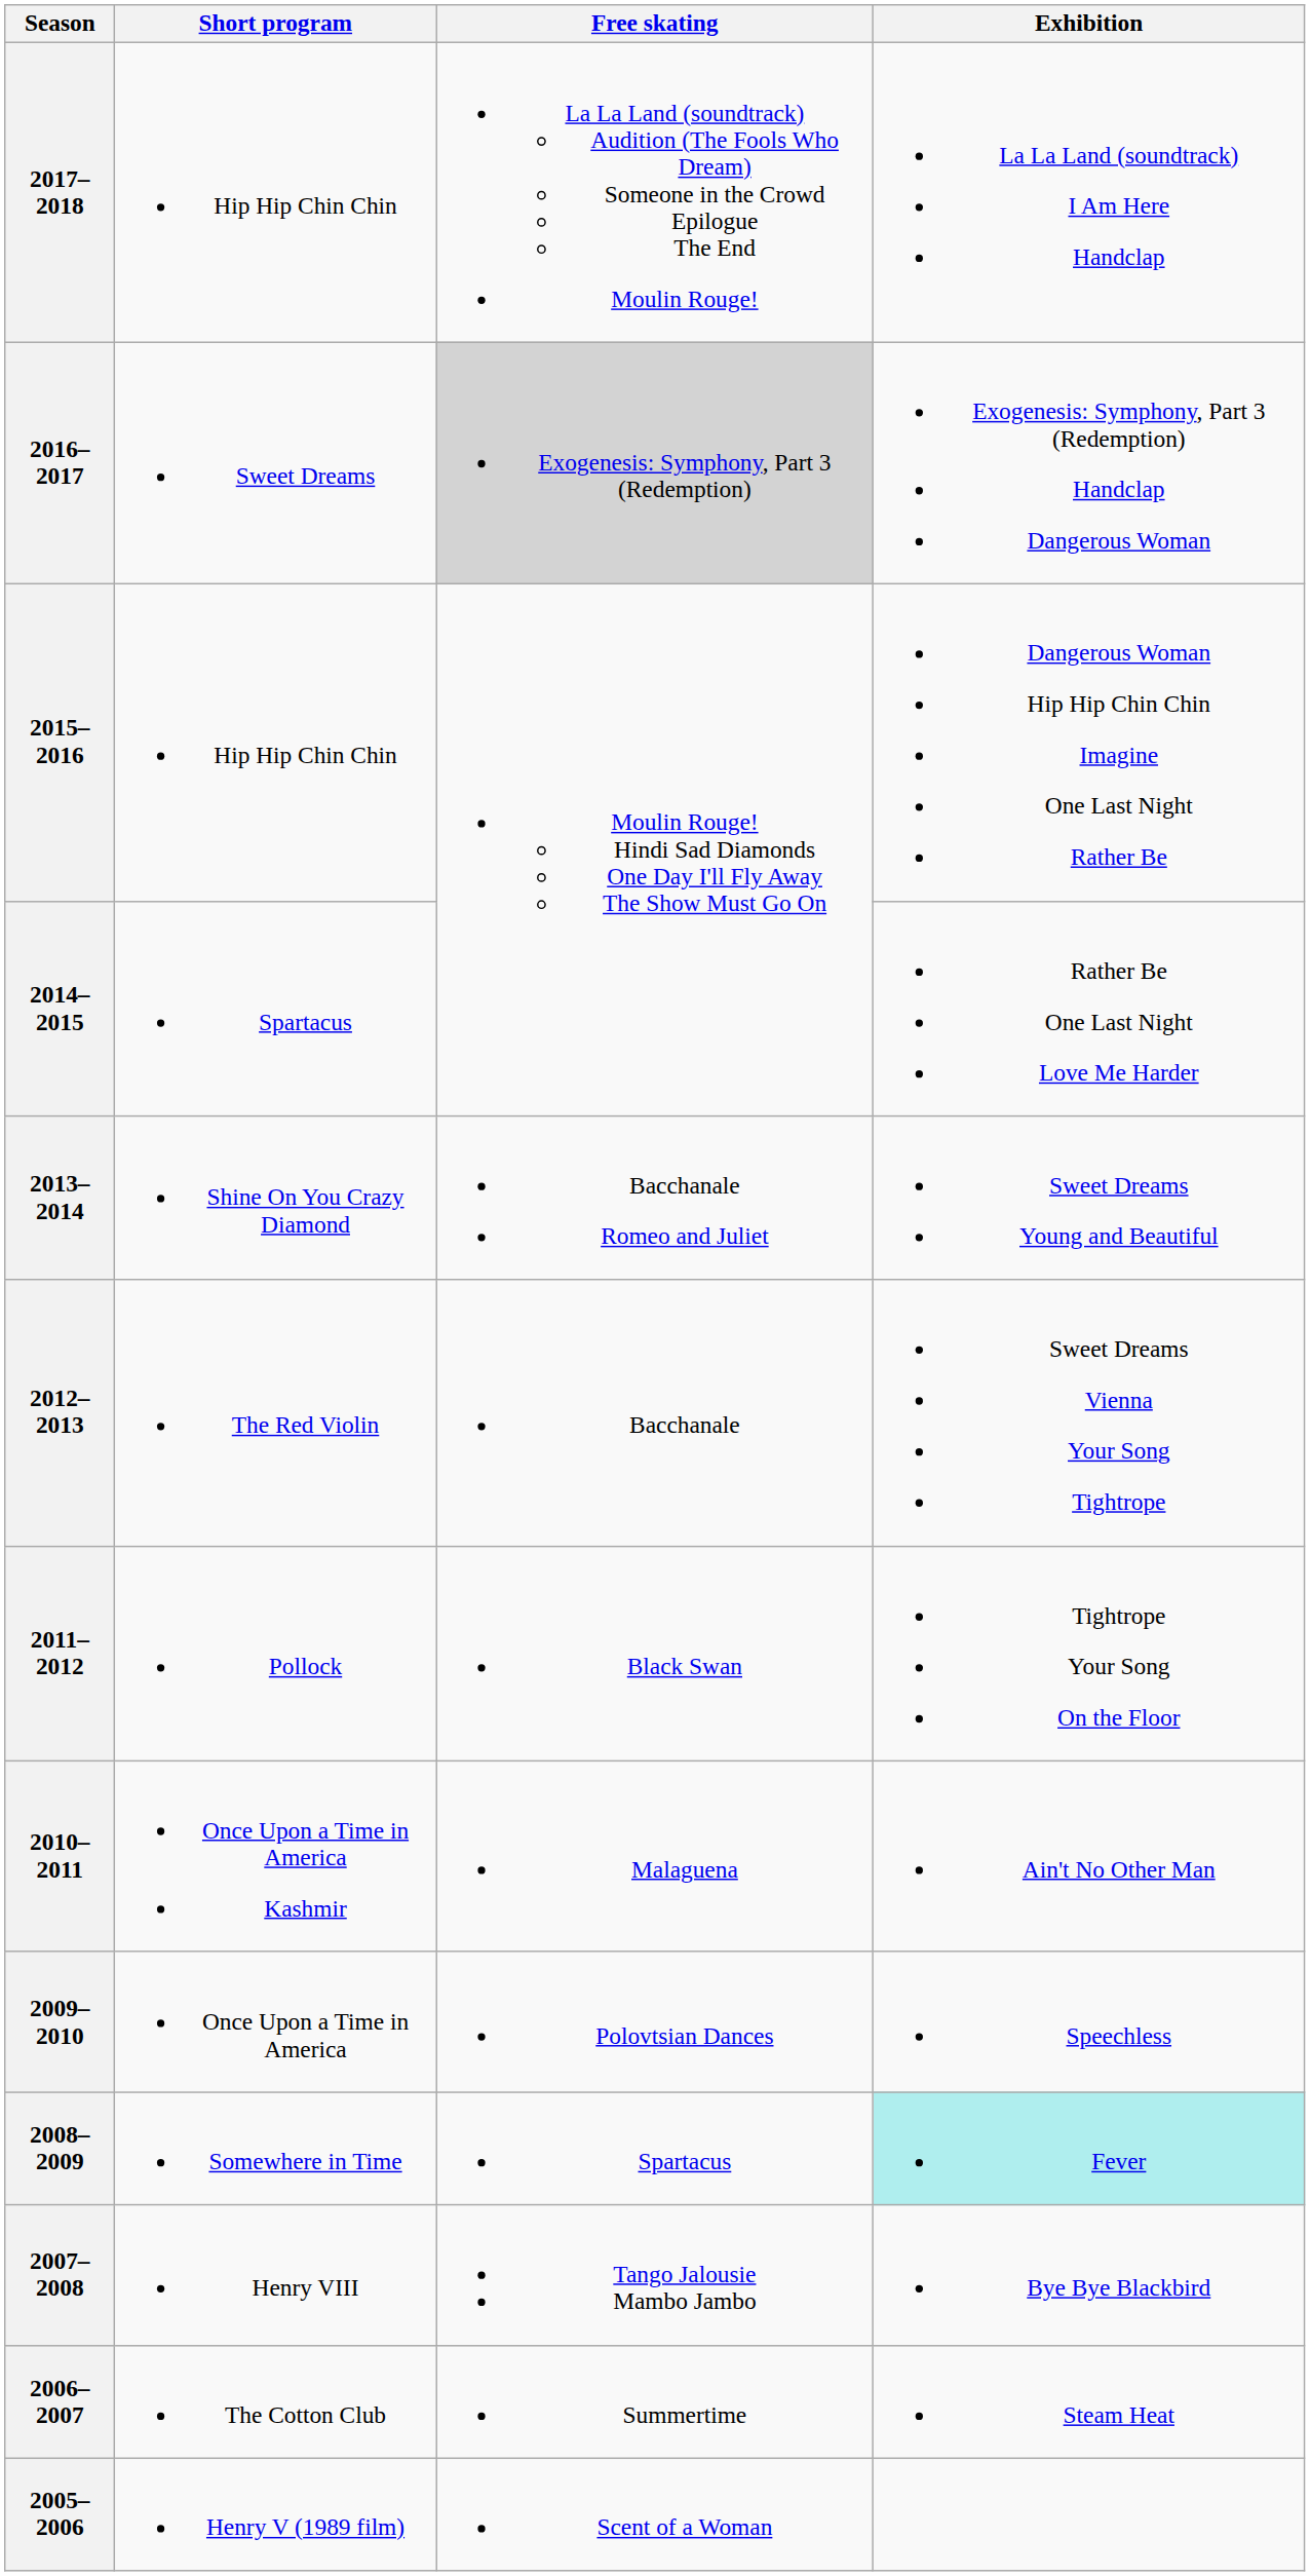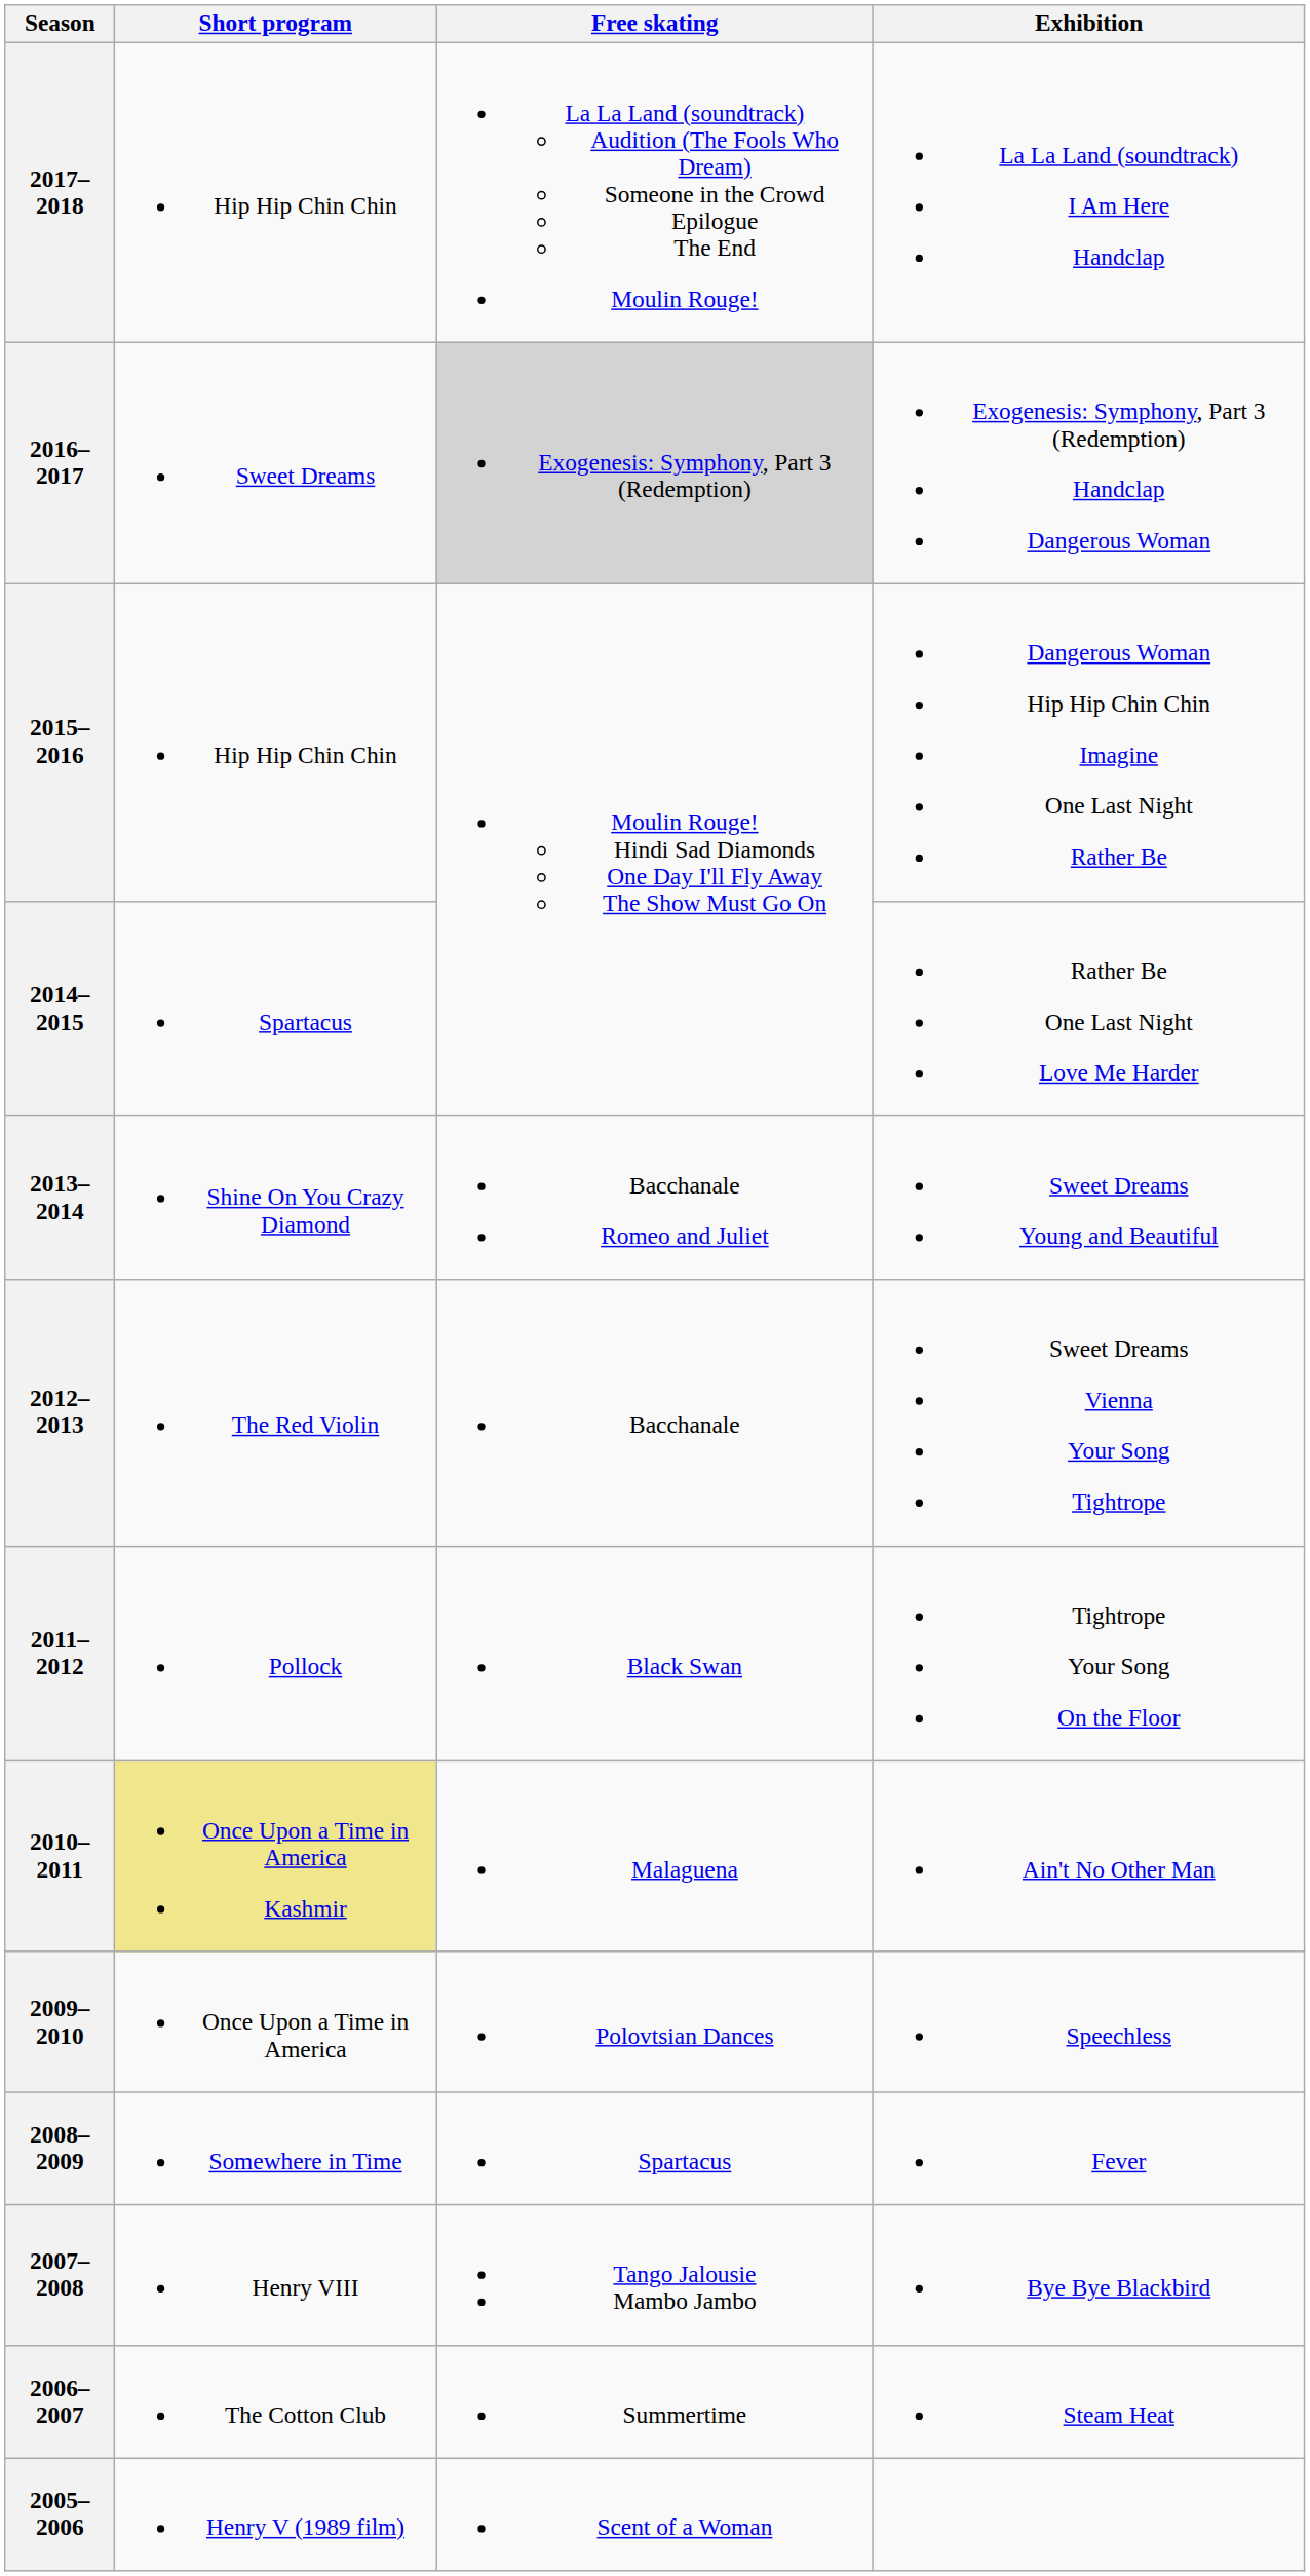 <table class="wikitable" style="text-align:center">
 <tr>
 <th>Season</th>
 <th><a href='#'>Short program</a></th>
 <th><a href='#'>Free skating</a></th>
 <th>Exhibition</th>
 </tr>
 <tr>
 <th>2017–2018 <br></th>
 <td><br><ul><li>Hip Hip Chin Chin <br></li></ul></td>
 <td><br><ul><li><a href='#'>La La Land (soundtrack)</a><ul><li><a href='#'>Audition (The Fools Who Dream)</a> <br></li><li>Someone in the Crowd</li><li>Epilogue</li><li>The End <br></li></ul></li></ul><ul><li><a href='#'>Moulin Rouge!</a> <br></li></ul></td>
 <td><br><ul><li><a href='#'>La La Land (soundtrack)</a> <br></li></ul><ul><li><a href='#'>I Am Here</a> <br></li></ul><ul><li><a href='#'>Handclap</a> <br></li></ul></td>
 </tr>
 <tr>
 <th>2016–2017 <br></th>
 <td><br><ul><li><a href='#'>Sweet Dreams</a> <br></li></ul></td>
 <td style="background: lightgrey;"><br><ul><li><a href='#'>Exogenesis: Symphony</a>, Part 3 (Redemption) <br></li></ul></td>
 <td><br><ul><li><a href='#'>Exogenesis: Symphony</a>, Part 3 (Redemption) <br></li></ul><ul><li><a href='#'>Handclap</a> <br></li></ul><ul><li><a href='#'>Dangerous Woman</a><br></li></ul></td>
 </tr>
 <tr>
 <th>2015–2016 <br></th>
 <td><br><ul><li>Hip Hip Chin Chin <br></li></ul></td>
 <td rowspan=2><br><ul><li><a href='#'>Moulin Rouge!</a><ul><li>Hindi Sad Diamonds</li><li><a href='#'>One Day I'll Fly Away</a> <br></li><li><a href='#'>The Show Must Go On</a> <br></li></ul></li></ul></td>
 <td><br><ul><li><a href='#'>Dangerous Woman</a> <br></li></ul><ul><li>Hip Hip Chin Chin<br></li></ul><ul><li><a href='#'>Imagine</a> <br></li></ul><ul><li>One Last Night <br></li></ul><ul><li><a href='#'>Rather Be</a> <br></li></ul></td>
 </tr>
 <tr>
 <th>2014–2015 <br></th>
 <td><br><ul><li><a href='#'>Spartacus</a> <br></li></ul></td>
 <td><br><ul><li>Rather Be <br></li></ul><ul><li>One Last Night <br></li></ul><ul><li><a href='#'>Love Me Harder</a> <br></li></ul></td>
 </tr>
 <tr>
 <th>2013–2014 <br></th>
 <td><br><ul><li><a href='#'>Shine On You Crazy Diamond</a> <br></li></ul></td>
 <td><br><ul><li>Bacchanale <br></li></ul><ul><li><a href='#'>Romeo and Juliet</a> <br></li></ul></td>
 <td><br><ul><li><a href='#'>Sweet Dreams</a> <br></li></ul><ul><li><a href='#'>Young and Beautiful</a> <br></li></ul></td>
 </tr>
 <tr>
 <th>2012–2013 <br></th>
 <td><br><ul><li><a href='#'>The Red Violin</a> <br></li></ul></td>
 <td><br><ul><li>Bacchanale <br></li></ul></td>
 <td><br><ul><li>Sweet Dreams <br></li></ul><ul><li><a href='#'>Vienna</a> <br></li></ul><ul><li><a href='#'>Your Song</a> <br></li></ul><ul><li><a href='#'>Tightrope</a> <br></li></ul></td>
 </tr>
 <tr>
 <th>2011–2012 <br></th>
 <td><br><ul><li><a href='#'>Pollock</a> <br></li></ul></td>
 <td><br><ul><li><a href='#'>Black Swan</a> <br></li></ul></td>
 <td><br><ul><li>Tightrope <br></li></ul><ul><li>Your Song <br></li></ul><ul><li><a href='#'>On the Floor</a> <br></li></ul></td>
 </tr>
 <tr>
 <th>2010–2011 <br></th>
-<td><br><ul><li><a href='#'>Once Upon a Time in America</a> <br></li></ul><ul><li><a href='#'>Kashmir</a> <br></li></ul></td>
+<td style="background: khaki;"><br><ul><li><a href='#'>Once Upon a Time in America</a> <br></li></ul><ul><li><a href='#'>Kashmir</a> <br></li></ul></td>
 <td><br><ul><li><a href='#'>Malaguena</a> <br></li></ul></td>
 <td><br><ul><li><a href='#'>Ain't No Other Man</a> <br></li></ul></td>
 </tr>
 <tr>
 <th>2009–2010 <br></th>
 <td><br><ul><li>Once Upon a Time in America <br></li></ul></td>
 <td><br><ul><li><a href='#'>Polovtsian Dances</a> <br></li></ul></td>
 <td><br><ul><li><a href='#'>Speechless</a> <br></li></ul></td>
 </tr>
 <tr>
 <th>2008–2009 <br></th>
 <td><br><ul><li><a href='#'>Somewhere in Time</a> <br></li></ul></td>
 <td><br><ul><li><a href='#'>Spartacus</a> <br></li></ul></td>
-<td style="background: paleturquoise;"><br><ul><li><a href='#'>Fever</a> <br></li></ul></td>
+<td><br><ul><li><a href='#'>Fever</a> <br></li></ul></td>
 </tr>
 <tr>
 <th>2007–2008 <br></th>
 <td><br><ul><li>Henry VIII <br></li></ul></td>
 <td><br><ul><li><a href='#'>Tango Jalousie</a> <br></li><li>Mambo Jambo <br></li></ul></td>
 <td><br><ul><li><a href='#'>Bye Bye Blackbird</a> <br></li></ul></td>
 </tr>
 <tr>
 <th>2006–2007 <br></th>
 <td><br><ul><li>The Cotton Club <br></li></ul></td>
 <td><br><ul><li>Summertime <br></li></ul></td>
 <td><br><ul><li><a href='#'>Steam Heat</a></li></ul></td>
 </tr>
 <tr>
 <th>2005–2006 <br></th>
 <td><br><ul><li><a href='#'>Henry V (1989 film)</a> <br></li></ul></td>
 <td><br><ul><li><a href='#'>Scent of a Woman</a> <br></li></ul></td>
 <td></td>
 </tr>
 </table>
